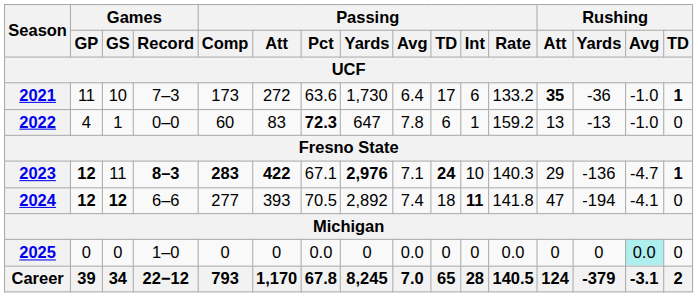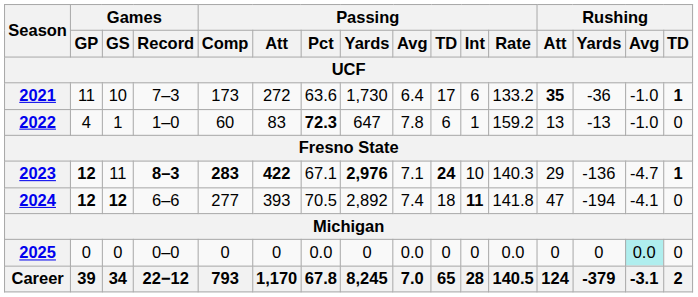 <table class="wikitable" style="text-align:center;">
 <tr>
 <th rowspan="2">Season</th>
 <th colspan="3">Games</th>
 <th colspan="8">Passing</th>
 <th colspan="5">Rushing</th>
 </tr>
 <tr>
 <th>GP</th>
 <th>GS</th>
 <th>Record</th>
 <th>Comp</th>
 <th>Att</th>
 <th>Pct</th>
 <th>Yards</th>
 <th>Avg</th>
 <th>TD</th>
 <th>Int</th>
 <th>Rate</th>
 <th>Att</th>
 <th>Yards</th>
 <th>Avg</th>
 <th>TD</th>
 </tr>
 <tr>
 <th colspan="16">UCF</th>
 </tr>
 <tr>
 <th><a href='#'>2021</a></th>
 <td>11</td>
 <td>10</td>
 <td>7–3</td>
 <td>173</td>
 <td>272</td>
 <td>63.6</td>
 <td>1,730</td>
 <td>6.4</td>
 <td>17</td>
 <td>6</td>
 <td>133.2</td>
 <td><strong>35</strong></td>
 <td>-36</td>
 <td>-1.0</td>
 <td><strong>1</strong></td>
 </tr>
 <tr>
 <th><a href='#'>2022</a></th>
 <td>4</td>
 <td>1</td>
-<td>0–0</td>
+<td>1–0</td>
 <td>60</td>
 <td>83</td>
 <td><strong>72.3</strong></td>
 <td>647</td>
 <td>7.8</td>
 <td>6</td>
 <td>1</td>
 <td>159.2</td>
 <td>13</td>
 <td>-13</td>
 <td>-1.0</td>
 <td>0</td>
 </tr>
 <tr>
 <th colspan="16">Fresno State</th>
 </tr>
 <tr>
 <th><a href='#'>2023</a></th>
 <td><strong>12</strong></td>
 <td>11</td>
 <td><strong>8–3</strong></td>
 <td><strong>283</strong></td>
 <td><strong>422</strong></td>
 <td>67.1</td>
 <td><strong>2,976</strong></td>
 <td>7.1</td>
 <td><strong>24</strong></td>
 <td>10</td>
 <td>140.3</td>
 <td>29</td>
 <td>-136</td>
 <td>-4.7</td>
 <td><strong>1</strong></td>
 </tr>
 <tr>
 <th><a href='#'>2024</a></th>
 <td><strong>12</strong></td>
 <td><strong>12</strong></td>
 <td>6–6</td>
 <td>277</td>
 <td>393</td>
 <td>70.5</td>
 <td>2,892</td>
 <td>7.4</td>
 <td>18</td>
 <td><strong>11</strong></td>
 <td>141.8</td>
 <td>47</td>
 <td>-194</td>
 <td>-4.1</td>
 <td>0</td>
 </tr>
 <tr>
 <th colspan="16">Michigan</th>
 </tr>
 <tr>
 <th><a href='#'>2025</a></th>
 <td>0</td>
 <td>0</td>
-<td>1–0</td>
+<td>0–0</td>
 <td>0</td>
 <td>0</td>
 <td>0.0</td>
 <td>0</td>
 <td>0.0</td>
 <td>0</td>
 <td>0</td>
 <td>0.0</td>
 <td>0</td>
 <td>0</td>
 <td style="background: paleturquoise;">0.0</td>
 <td>0</td>
 </tr>
 <tr>
 <th>Career</th>
 <th>39</th>
 <th>34</th>
 <th>22−12</th>
 <th>793</th>
 <th>1,170</th>
 <th>67.8</th>
 <th>8,245</th>
 <th>7.0</th>
 <th>65</th>
 <th>28</th>
 <th>140.5</th>
 <th>124</th>
 <th>-379</th>
 <th>-3.1</th>
 <th>2</th>
 </tr>
 </table>
